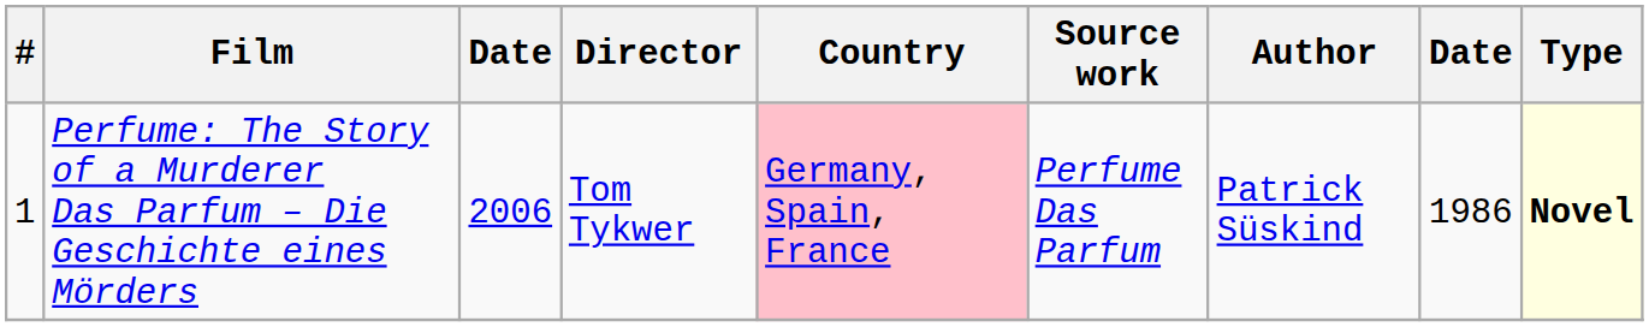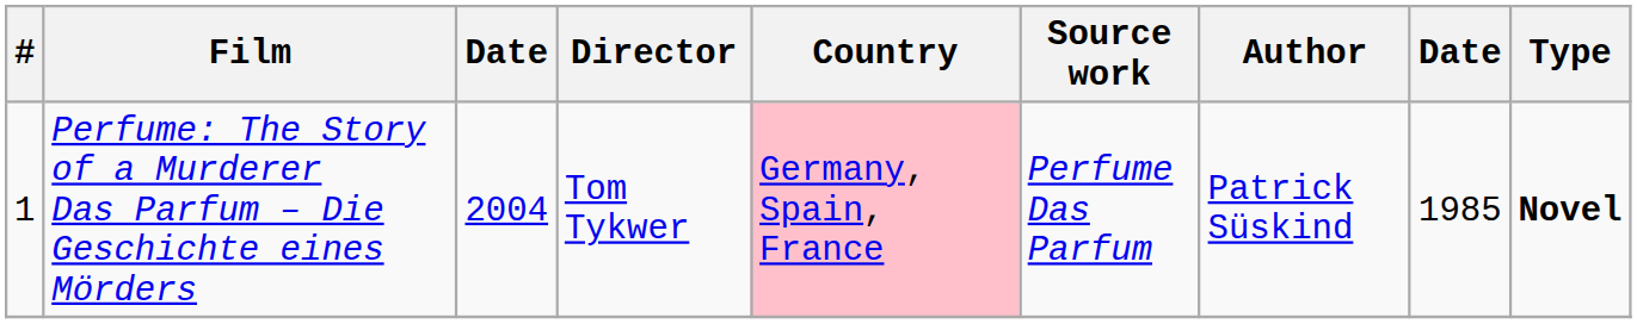 <table class="wikitable">
 <tr>
 <th>#</th>
 <th>Film</th>
 <th>Date</th>
 <th>Director</th>
 <th>Country</th>
 <th>Source<br>work</th>
 <th>Author</th>
 <th>Date</th>
 <th>Type</th>
 </tr>
 <tr>
 <td>1</td>
 <td><em><a href='#'>Perfume: The Story of a Murderer</a></em><br><em><a href='#'>Das Parfum – Die Geschichte eines Mörders</a></em></td>
-<td><a href='#'>2006</a></td>
+<td><a href='#'>2004</a></td>
 <td><a href='#'>Tom Tykwer</a></td>
 <td style="background: pink;"><a href='#'>Germany</a>, <a href='#'>Spain</a>, <a href='#'>France</a></td>
 <td><em><a href='#'>Perfume</a></em> <br><em><a href='#'>Das Parfum</a></em></td>
 <td><a href='#'>Patrick Süskind</a></td>
-<td>1986</td>
-<td style="background: lightyellow;"><strong>Novel</strong></td>
+<td>1985</td>
+<td><strong>Novel</strong></td>
 </tr>
 <tr>
 </tr>
 </table>
